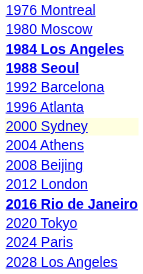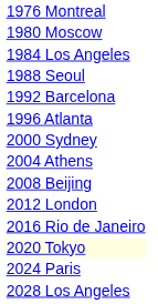 <table>
 <tr>
 <td><a href='#'>1976 Montreal</a><br></td>
 <td></td>
 <td></td>
 <td></td>
 </tr>
 <tr valign="top">
 <td><a href='#'>1980 Moscow</a><br></td>
 <td></td>
 <td></td>
 <td></td>
 </tr>
 <tr>
-<td><strong><a href='#'>1984 Los Angeles</a><br></strong></td>
+<td><a href='#'>1984 Los Angeles</a><br></td>
 <td></td>
 <td></td>
 <td></td>
 </tr>
 <tr>
-<td><strong><a href='#'>1988 Seoul</a><br></strong></td>
+<td><a href='#'>1988 Seoul</a><br></td>
 <td></td>
 <td></td>
 <td></td>
 </tr>
 <tr>
 <td><a href='#'>1992 Barcelona</a><br></td>
 <td></td>
 <td></td>
 <td></td>
 </tr>
 <tr>
 <td><a href='#'>1996 Atlanta</a><br></td>
 <td></td>
 <td></td>
 <td></td>
 </tr>
 <tr>
-<td style="background: lightyellow;"><a href='#'>2000 Sydney</a><br></td>
+<td><a href='#'>2000 Sydney</a><br></td>
 <td></td>
 <td></td>
 <td></td>
 </tr>
 <tr>
 <td><a href='#'>2004 Athens</a><br></td>
 <td></td>
 <td></td>
 <td></td>
 </tr>
 <tr>
 <td><a href='#'>2008 Beijing</a><br></td>
 <td></td>
 <td></td>
 <td></td>
 </tr>
 <tr>
 <td><a href='#'>2012 London</a><br></td>
 <td></td>
 <td></td>
 <td></td>
 </tr>
 <tr>
-<td><strong><a href='#'>2016 Rio de Janeiro</a><br></strong></td>
+<td><a href='#'>2016 Rio de Janeiro</a><br></td>
 <td></td>
 <td></td>
 <td></td>
 </tr>
 <tr>
-<td><a href='#'>2020 Tokyo</a><br></td>
+<td style="background: lightyellow;"><a href='#'>2020 Tokyo</a><br></td>
 <td></td>
 <td></td>
 <td></td>
 </tr>
 <tr>
 <td><a href='#'>2024 Paris</a><br></td>
 <td></td>
 <td></td>
 <td></td>
 </tr>
 <tr>
 <td><a href='#'>2028 Los Angeles</a> <br></td>
 <td></td>
 <td></td>
 <td></td>
 </tr>
 <tr>
 </tr>
 </table>
